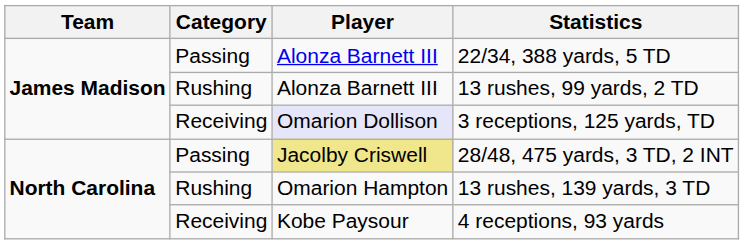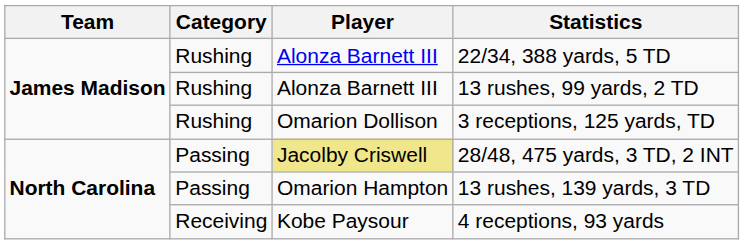 <table class="wikitable" style="float: right;">
 <tr>
 <th>Team</th>
 <th>Category</th>
 <th>Player</th>
 <th>Statistics</th>
 </tr>
 <tr>
 <td rowspan=3><strong>James Madison</strong></td>
-<td>Passing</td>
+<td>Rushing</td>
 <td><a href='#'>Alonza Barnett III</a></td>
 <td>22/34, 388 yards, 5 TD</td>
 </tr>
 <tr>
 <td>Rushing</td>
 <td>Alonza Barnett III</td>
 <td>13 rushes, 99 yards, 2 TD</td>
 </tr>
 <tr>
-<td>Receiving</td>
-<td style="background: lavender;">Omarion Dollison</td>
+<td>Rushing</td>
+<td>Omarion Dollison</td>
 <td>3 receptions, 125 yards, TD</td>
 </tr>
 <tr>
 <td rowspan=3><strong>North Carolina</strong></td>
 <td>Passing</td>
 <td style="background: khaki;">Jacolby Criswell</td>
 <td>28/48, 475 yards, 3 TD, 2 INT</td>
 </tr>
 <tr>
-<td>Rushing</td>
+<td>Passing</td>
 <td>Omarion Hampton</td>
 <td>13 rushes, 139 yards, 3 TD</td>
 </tr>
 <tr>
 <td>Receiving</td>
 <td>Kobe Paysour</td>
 <td>4 receptions, 93 yards</td>
 </tr>
 </table>
